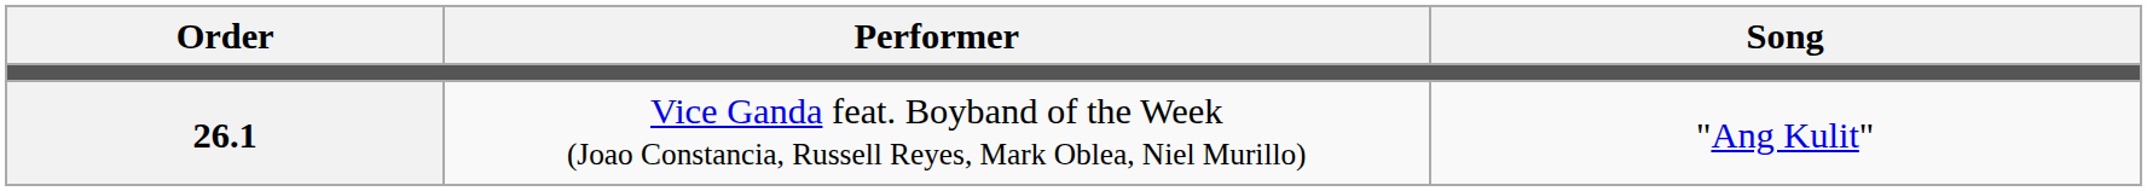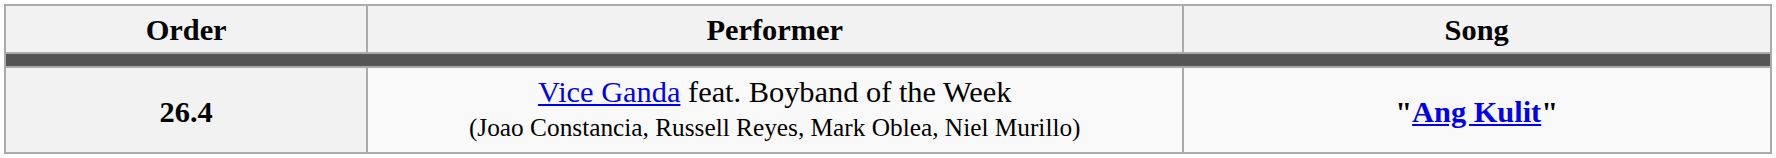 <table class="wikitable" style="text-align:center; line-height:17px; width:100%; font-size: 95%;">
 <tr>
 <th style="width:08%;">Order</th>
 <th style="width:18%;">Performer</th>
 <th style="width:13%;">Song</th>
 </tr>
 <tr>
 <td colspan="3" style="background:#555;"></td>
 </tr>
 <tr>
-<th>26.1</th>
+<th>26.4</th>
 <td><a href='#'>Vice Ganda</a> feat. Boyband of the Week <br> <small>(Joao Constancia, Russell Reyes, Mark Oblea, Niel Murillo)</small></td>
-<td>"<a href='#'>Ang Kulit</a>"</td>
+<td><strong>"<a href='#'>Ang Kulit</a>"</strong></td>
 </tr>
 </table>
